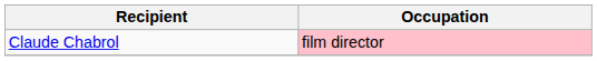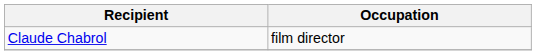 <table class="wikitable" width="95%" cellpadding="5">
 <tr>
 <th width="25%">Recipient</th>
 <th width="25%">Occupation</th>
 </tr>
 <tr>
 <td> <a href='#'>Claude Chabrol</a></td>
-<td style="background: pink;">film director</td>
+<td>film director</td>
 </tr>
 <tr>
 </tr>
 </table>
